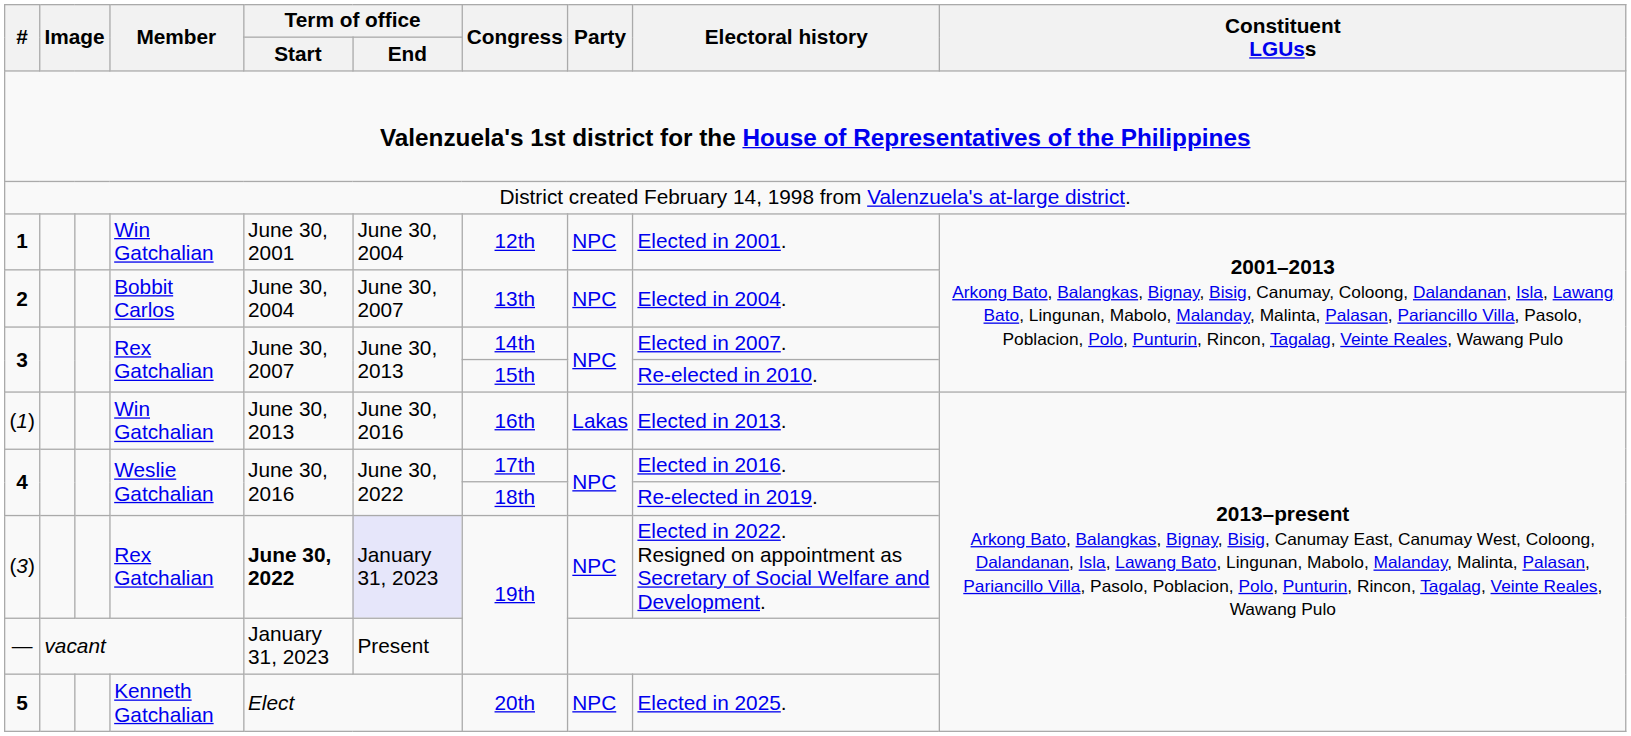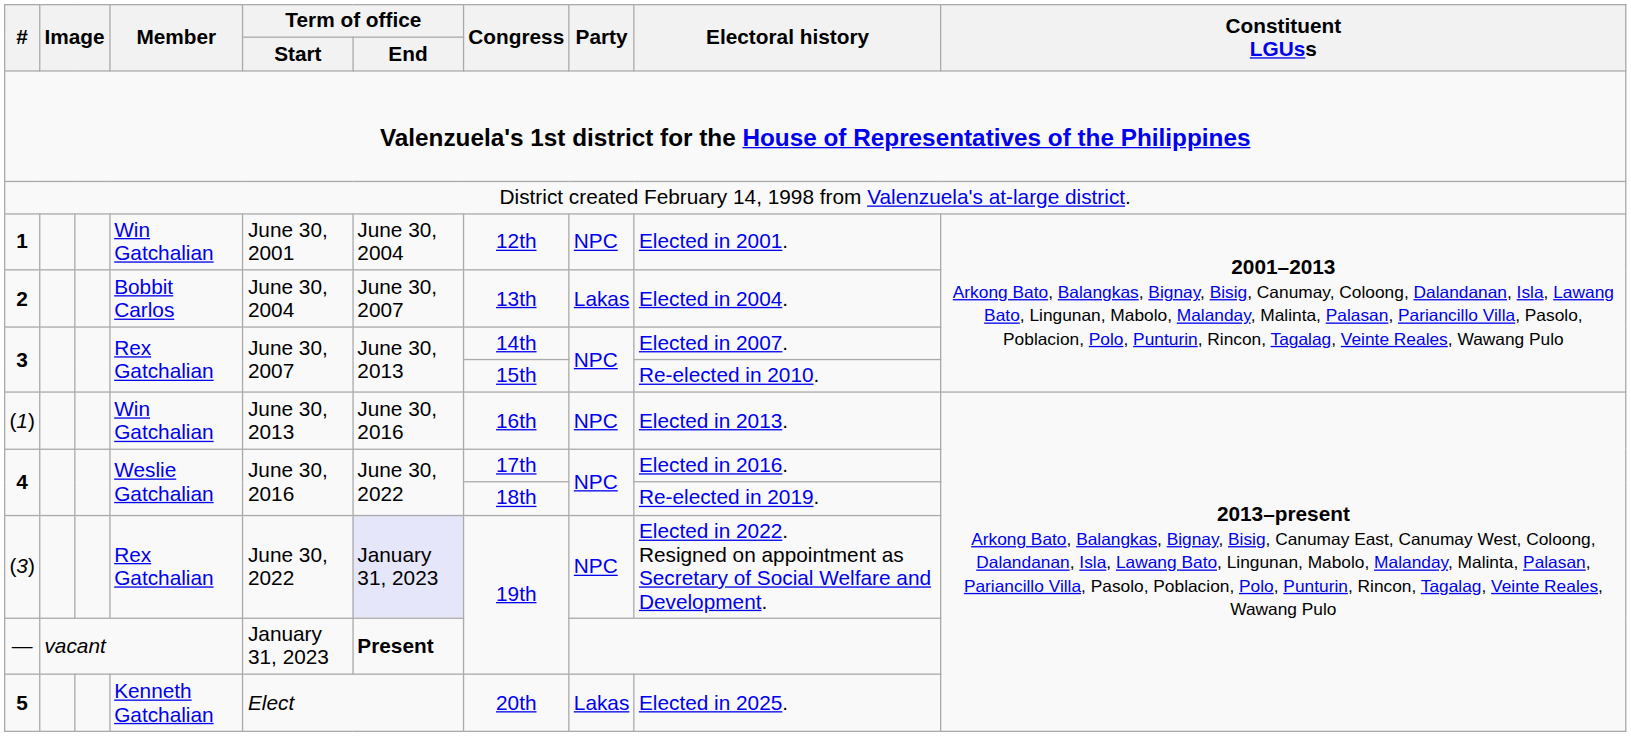 <table class=wikitable>
 <tr>
 <th rowspan="2">#</th>
 <th rowspan="2" colspan=2>Image</th>
 <th rowspan="2">Member</th>
 <th colspan=2>Term of office</th>
 <th rowspan="2">Congress</th>
 <th rowspan="2">Party</th>
 <th rowspan="2">Electoral history</th>
 <th rowspan="2">Constituent<br><a href='#'>LGUs</a>s</th>
 </tr>
 <tr>
 <th>Start</th>
 <th>End</th>
 </tr>
 <tr>
 <td colspan="10" style="text-align:center;"><br><h3>Valenzuela's 1st district for the <a href='#'>House of Representatives of the Philippines</a></h3></td>
 </tr>
 <tr>
 <td colspan="10" style="text-align:center;">District created February 14, 1998 from <a href='#'>Valenzuela's at-large district</a>.</td>
 </tr>
 <tr>
 <td style="text-align:center;"><strong>1</strong></td>
 <td style="color:inherit;background:"></td>
 <td></td>
 <td><a href='#'>Win Gatchalian</a></td>
 <td>June 30, 2001</td>
 <td>June 30, 2004</td>
 <td style="text-align:center;"><a href='#'>12th</a></td>
 <td><a href='#'>NPC</a></td>
 <td><a href='#'>Elected in 2001</a>.</td>
 <td rowspan="4" style="text-align:center;"><strong>2001–2013</strong><br><small><a href='#'>Arkong Bato</a>, <a href='#'>Balangkas</a>, <a href='#'>Bignay</a>, <a href='#'>Bisig</a>, Canumay, Coloong, <a href='#'>Dalandanan</a>, <a href='#'>Isla</a>, <a href='#'>Lawang Bato</a>, Lingunan, Mabolo, <a href='#'>Malanday</a>, Malinta, <a href='#'>Palasan</a>, <a href='#'>Pariancillo Villa</a>, Pasolo, Poblacion, <a href='#'>Polo</a>, <a href='#'>Punturin</a>, Rincon, <a href='#'>Tagalag</a>, <a href='#'>Veinte Reales</a>, Wawang Pulo</small></td>
 </tr>
 <tr>
 <td style="text-align:center;"><strong>2</strong></td>
 <td style="color:inherit;background:"></td>
 <td></td>
 <td><a href='#'>Bobbit Carlos</a></td>
 <td>June 30, 2004</td>
 <td>June 30, 2007</td>
 <td style="text-align:center;"><a href='#'>13th</a></td>
-<td><a href='#'>NPC</a></td>
+<td><a href='#'>Lakas</a></td>
 <td><a href='#'>Elected in 2004</a>.</td>
 </tr>
 <tr>
 <td rowspan="2" style="text-align:center;"><strong>3</strong></td>
 <td rowspan="2" style="color:inherit;background:"></td>
 <td rowspan="2"></td>
 <td rowspan="2"><a href='#'>Rex Gatchalian</a></td>
 <td rowspan="2">June 30, 2007</td>
 <td rowspan="2">June 30, 2013</td>
 <td style="text-align:center;"><a href='#'>14th</a></td>
 <td rowspan="2"><a href='#'>NPC</a></td>
 <td><a href='#'>Elected in 2007</a>.</td>
 </tr>
 <tr>
 <td style="text-align:center;"><a href='#'>15th</a></td>
 <td><a href='#'>Re-elected in 2010</a>.</td>
 </tr>
 <tr>
 <td style="text-align:center;">(<em>1</em>)</td>
 <td style="color:inherit;background:"></td>
 <td></td>
 <td><a href='#'>Win Gatchalian</a></td>
 <td>June 30, 2013</td>
 <td>June 30, 2016</td>
 <td style="text-align:center;"><a href='#'>16th</a></td>
-<td><a href='#'>Lakas</a></td>
+<td><a href='#'>NPC</a></td>
 <td><a href='#'>Elected in 2013</a>.</td>
 <td rowspan="6" style="text-align:center;"><strong>2013–present</strong><br><small><a href='#'>Arkong Bato</a>, <a href='#'>Balangkas</a>, <a href='#'>Bignay</a>, <a href='#'>Bisig</a>, Canumay East, Canumay West, Coloong, <a href='#'>Dalandanan</a>, <a href='#'>Isla</a>, <a href='#'>Lawang Bato</a>, Lingunan, Mabolo, <a href='#'>Malanday</a>, Malinta, <a href='#'>Palasan</a>, <a href='#'>Pariancillo Villa</a>, Pasolo, Poblacion, <a href='#'>Polo</a>, <a href='#'>Punturin</a>, Rincon, <a href='#'>Tagalag</a>, <a href='#'>Veinte Reales</a>, Wawang Pulo</small></td>
 </tr>
 <tr>
 <td rowspan="2" style="text-align:center;"><strong>4</strong></td>
 <td rowspan="2" style="color:inherit;background:"></td>
 <td rowspan="2"></td>
 <td rowspan="2"><a href='#'>Weslie Gatchalian</a></td>
 <td rowspan="2">June 30, 2016</td>
 <td rowspan="2">June 30, 2022</td>
 <td style="text-align:center;"><a href='#'>17th</a></td>
 <td rowspan="2"><a href='#'>NPC</a></td>
 <td><a href='#'>Elected in 2016</a>.</td>
 </tr>
 <tr>
 <td style="text-align:center;"><a href='#'>18th</a></td>
 <td><a href='#'>Re-elected in 2019</a>.</td>
 </tr>
 <tr>
 <td style="text-align:center;">(<em>3</em>)</td>
 <td style="color:inherit;background:"></td>
 <td></td>
 <td><a href='#'>Rex Gatchalian</a></td>
-<td><strong>June 30, 2022</strong></td>
+<td>June 30, 2022</td>
 <td style="background: lavender;">January 31, 2023</td>
 <td rowspan="2" style="text-align:center;"><a href='#'>19th</a></td>
 <td><a href='#'>NPC</a></td>
 <td><a href='#'>Elected in 2022</a>.<br>Resigned on appointment as <a href='#'>Secretary of Social Welfare and Development</a>.</td>
 </tr>
 <tr>
 <td style="text-align:center;">—</td>
 <td colspan="3"><em>vacant</em></td>
 <td>January 31, 2023</td>
-<td>Present</td>
+<td><strong>Present</strong></td>
 <td colspan="2"></td>
 </tr>
 <tr>
 <td style="text-align:center;"><strong>5</strong></td>
 <td style="color:inherit;background:"></td>
 <td></td>
 <td><a href='#'>Kenneth Gatchalian</a></td>
 <td colspan="2"><em>Elect</em></td>
 <td rowspan="2" style="text-align:center;"><a href='#'>20th</a></td>
-<td><a href='#'>NPC</a></td>
+<td><a href='#'>Lakas</a></td>
 <td><a href='#'>Elected in 2025</a>.</td>
 </tr>
 </table>
